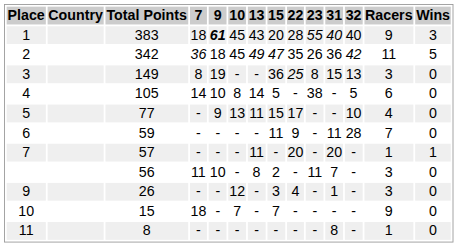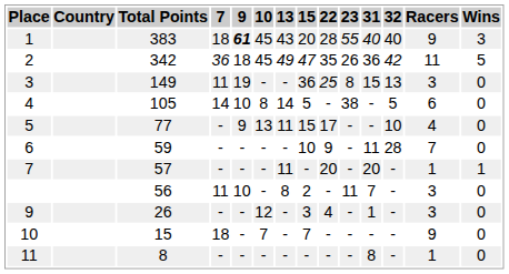 <table border="0" style="border: 1px solid #999; background-color:#FFFFFF; text-align:center">
 <tr align="center" bgcolor="#CCCCCC">
 <th>Place</th>
 <th>Country</th>
 <th>Total Points</th>
 <th>7</th>
 <th>9</th>
 <th>10</th>
 <th>13</th>
 <th>15</th>
 <th>22</th>
 <th>23</th>
 <th>31</th>
 <th>32</th>
 <th>Racers</th>
 <th>Wins</th>
 </tr>
 <tr bgcolor="#EFEFEF">
 <td>1</td>
 <td align="left"></td>
 <td>383</td>
 <td>18</td>
 <td><strong><em>61</em></strong></td>
 <td>45</td>
 <td>43</td>
 <td>20</td>
 <td>28</td>
 <td><em>55</em></td>
 <td><em>40</em></td>
 <td>40</td>
 <td>9</td>
 <td>3</td>
 </tr>
 <tr>
 <td>2</td>
 <td align="left"></td>
 <td>342</td>
 <td><em>36</em></td>
 <td>18</td>
 <td>45</td>
 <td><em>49</em></td>
 <td><em>47</em></td>
 <td>35</td>
 <td>26</td>
 <td>36</td>
 <td><em>42</em></td>
 <td>11</td>
 <td>5</td>
 </tr>
 <tr bgcolor="#EFEFEF">
 <td>3</td>
 <td align="left"></td>
 <td>149</td>
-<td>8</td>
+<td>11</td>
 <td>19</td>
 <td>-</td>
 <td>-</td>
 <td>36</td>
 <td><em>25</em></td>
 <td>8</td>
 <td>15</td>
 <td>13</td>
 <td>3</td>
 <td>0</td>
 </tr>
 <tr>
 <td>4</td>
 <td align="left"></td>
 <td>105</td>
 <td>14</td>
 <td>10</td>
 <td>8</td>
 <td>14</td>
 <td>5</td>
 <td>-</td>
 <td>38</td>
 <td>-</td>
 <td>5</td>
 <td>6</td>
 <td>0</td>
 </tr>
 <tr bgcolor="#EFEFEF">
 <td>5</td>
 <td align="left"></td>
 <td>77</td>
 <td>-</td>
 <td>9</td>
 <td>13</td>
 <td>11</td>
 <td>15</td>
 <td>17</td>
 <td>-</td>
 <td>-</td>
 <td>10</td>
 <td>4</td>
 <td>0</td>
 </tr>
 <tr>
 <td>6</td>
 <td align="left"></td>
 <td>59</td>
 <td>-</td>
 <td>-</td>
 <td>-</td>
 <td>-</td>
-<td>11</td>
+<td>10</td>
 <td>9</td>
 <td>-</td>
 <td>11</td>
 <td>28</td>
 <td>7</td>
 <td>0</td>
 </tr>
 <tr bgcolor="#EFEFEF">
 <td>7</td>
 <td align="left"></td>
 <td>57</td>
 <td>-</td>
 <td>-</td>
 <td>-</td>
 <td>11</td>
 <td>-</td>
 <td>20</td>
 <td>-</td>
 <td>20</td>
 <td>-</td>
 <td>1</td>
 <td>1</td>
 </tr>
 <tr>
 <td></td>
 <td align="left"></td>
 <td>56</td>
 <td>11</td>
 <td>10</td>
 <td>-</td>
 <td>8</td>
 <td>2</td>
 <td>-</td>
 <td>11</td>
 <td>7</td>
 <td>-</td>
 <td>3</td>
 <td>0</td>
 </tr>
 <tr bgcolor="#EFEFEF">
 <td>9</td>
 <td align="left"></td>
 <td>26</td>
 <td>-</td>
 <td>-</td>
 <td>12</td>
 <td>-</td>
 <td>3</td>
 <td>4</td>
 <td>-</td>
 <td>1</td>
 <td>-</td>
 <td>3</td>
 <td>0</td>
 </tr>
 <tr>
 <td>10</td>
 <td align="left"></td>
 <td>15</td>
 <td>18</td>
 <td>-</td>
 <td>7</td>
 <td>-</td>
 <td>7</td>
 <td>-</td>
 <td>-</td>
 <td>-</td>
 <td>-</td>
 <td>9</td>
 <td>0</td>
 </tr>
 <tr bgcolor="#EFEFEF">
 <td>11</td>
 <td align="left"></td>
 <td>8</td>
 <td>-</td>
 <td>-</td>
 <td>-</td>
 <td>-</td>
 <td>-</td>
 <td>-</td>
 <td>-</td>
 <td>8</td>
 <td>-</td>
 <td>1</td>
 <td>0</td>
 </tr>
 </table>
